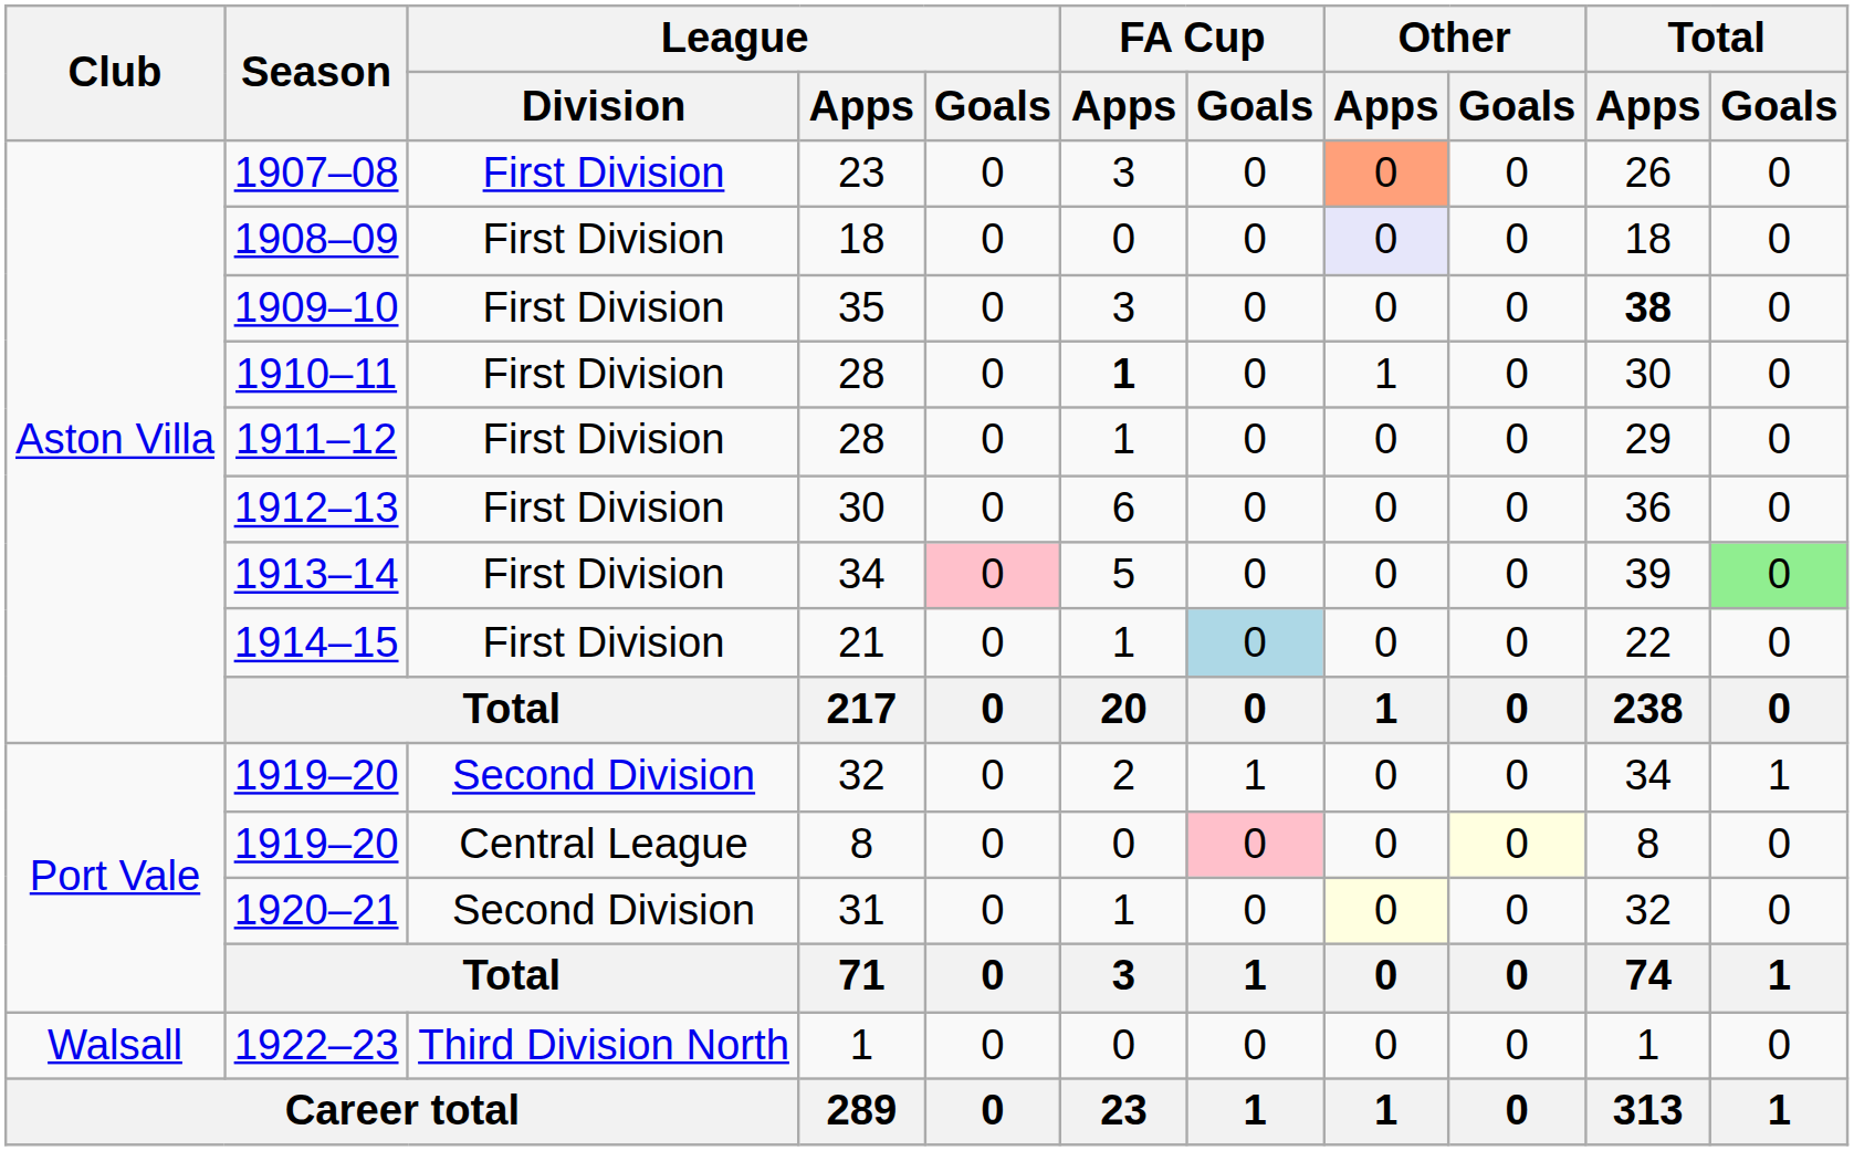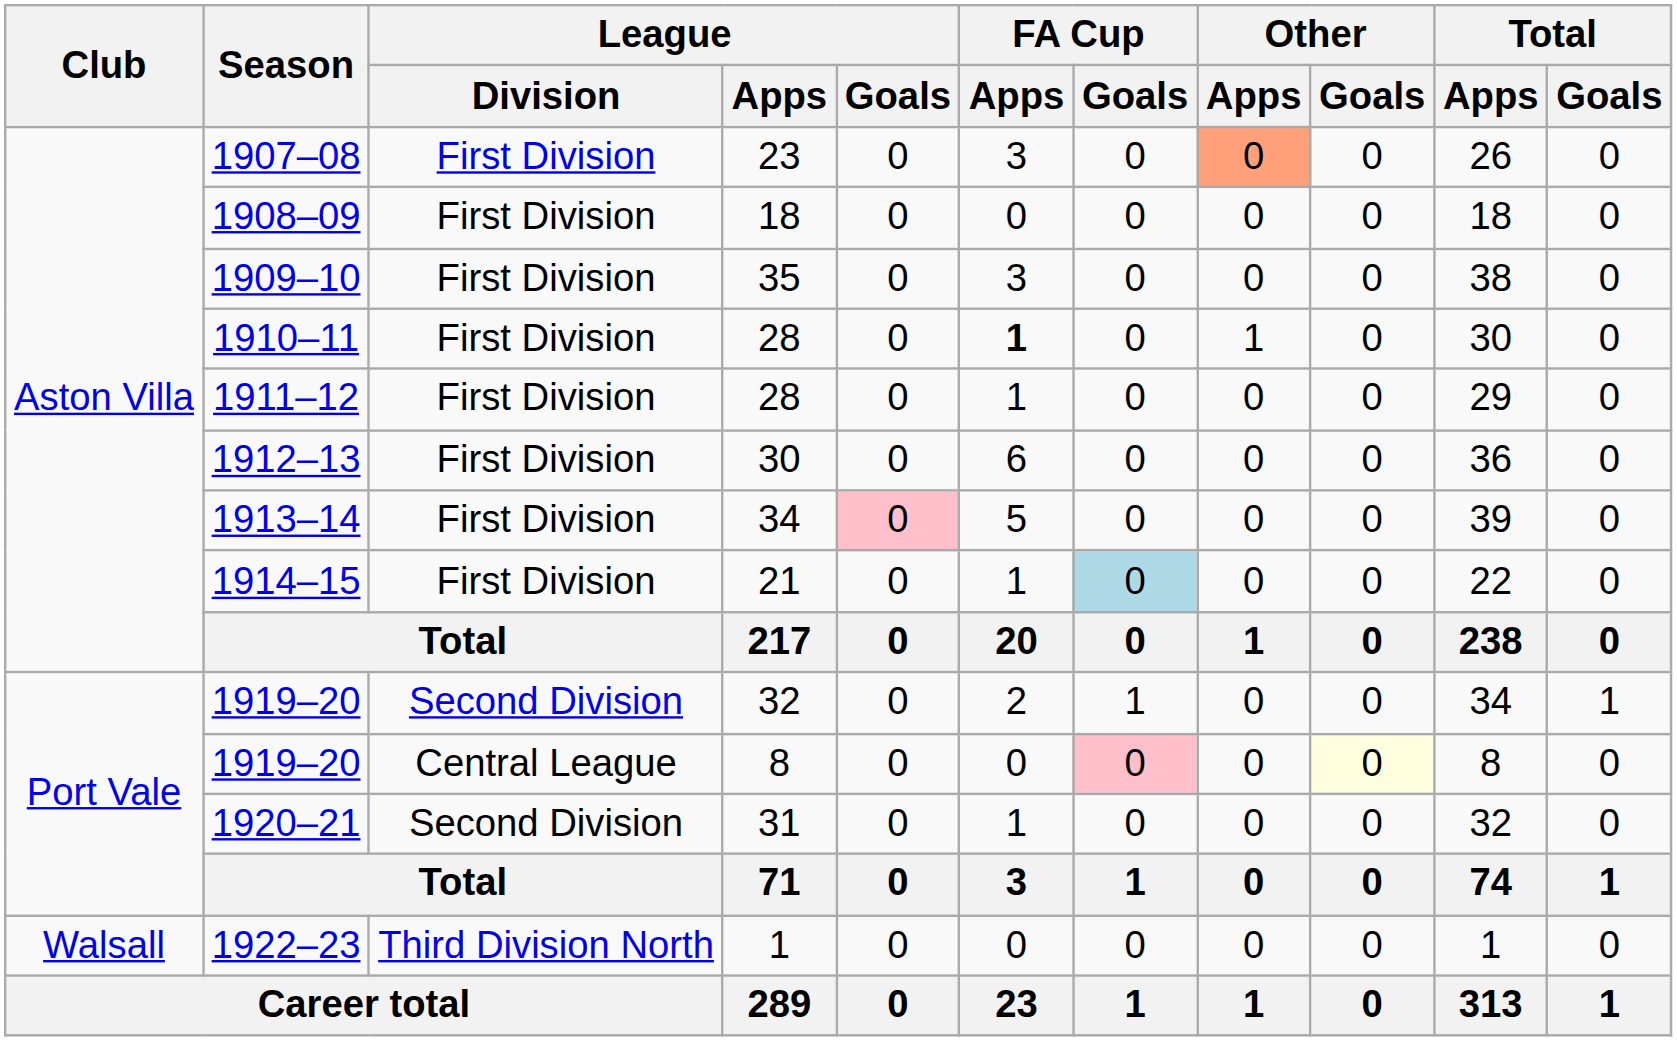 <table class="wikitable" style="text-align: center;">
 <tr>
 <th rowspan="2">Club</th>
 <th rowspan="2">Season</th>
 <th colspan="3">League</th>
 <th colspan="2">FA Cup</th>
 <th colspan="2">Other</th>
 <th colspan="2">Total</th>
 </tr>
 <tr>
 <th>Division</th>
 <th>Apps</th>
 <th>Goals</th>
 <th>Apps</th>
 <th>Goals</th>
 <th>Apps</th>
 <th>Goals</th>
 <th>Apps</th>
 <th>Goals</th>
 </tr>
 <tr>
 <td rowspan="9"><a href='#'>Aston Villa</a></td>
 <td><a href='#'>1907–08</a></td>
 <td><a href='#'>First Division</a></td>
 <td>23</td>
 <td>0</td>
 <td>3</td>
 <td>0</td>
 <td style="background: lightsalmon;">0</td>
 <td>0</td>
 <td>26</td>
 <td>0</td>
 </tr>
 <tr>
 <td><a href='#'>1908–09</a></td>
 <td>First Division</td>
 <td>18</td>
 <td>0</td>
 <td>0</td>
 <td>0</td>
-<td style="background: lavender;">0</td>
+<td>0</td>
 <td>0</td>
 <td>18</td>
 <td>0</td>
 </tr>
 <tr>
 <td><a href='#'>1909–10</a></td>
 <td>First Division</td>
 <td>35</td>
 <td>0</td>
 <td>3</td>
 <td>0</td>
 <td>0</td>
 <td>0</td>
-<td><strong>38</strong></td>
+<td>38</td>
 <td>0</td>
 </tr>
 <tr>
 <td><a href='#'>1910–11</a></td>
 <td>First Division</td>
 <td>28</td>
 <td>0</td>
 <td><strong>1</strong></td>
 <td>0</td>
 <td>1</td>
 <td>0</td>
 <td>30</td>
 <td>0</td>
 </tr>
 <tr>
 <td><a href='#'>1911–12</a></td>
 <td>First Division</td>
 <td>28</td>
 <td>0</td>
 <td>1</td>
 <td>0</td>
 <td>0</td>
 <td>0</td>
 <td>29</td>
 <td>0</td>
 </tr>
 <tr>
 <td><a href='#'>1912–13</a></td>
 <td>First Division</td>
 <td>30</td>
 <td>0</td>
 <td>6</td>
 <td>0</td>
 <td>0</td>
 <td>0</td>
 <td>36</td>
 <td>0</td>
 </tr>
 <tr>
 <td><a href='#'>1913–14</a></td>
 <td>First Division</td>
 <td>34</td>
 <td style="background: pink;">0</td>
 <td>5</td>
 <td>0</td>
 <td>0</td>
 <td>0</td>
 <td>39</td>
-<td style="background: lightgreen;">0</td>
+<td>0</td>
 </tr>
 <tr>
 <td><a href='#'>1914–15</a></td>
 <td>First Division</td>
 <td>21</td>
 <td>0</td>
 <td>1</td>
 <td style="background: lightblue;">0</td>
 <td>0</td>
 <td>0</td>
 <td>22</td>
 <td>0</td>
 </tr>
 <tr>
 <th colspan="2">Total</th>
 <th>217</th>
 <th>0</th>
 <th>20</th>
 <th>0</th>
 <th>1</th>
 <th>0</th>
 <th>238</th>
 <th>0</th>
 </tr>
 <tr>
 <td rowspan="4"><a href='#'>Port Vale</a></td>
 <td><a href='#'>1919–20</a></td>
 <td><a href='#'>Second Division</a></td>
 <td>32</td>
 <td>0</td>
 <td>2</td>
 <td>1</td>
 <td>0</td>
 <td>0</td>
 <td>34</td>
 <td>1</td>
 </tr>
 <tr>
 <td><a href='#'>1919–20</a></td>
 <td>Central League</td>
 <td>8</td>
 <td>0</td>
 <td>0</td>
 <td style="background: pink;">0</td>
 <td>0</td>
 <td style="background: lightyellow;">0</td>
 <td>8</td>
 <td>0</td>
 </tr>
 <tr>
 <td><a href='#'>1920–21</a></td>
 <td>Second Division</td>
 <td>31</td>
 <td>0</td>
 <td>1</td>
 <td>0</td>
-<td style="background: lightyellow;">0</td>
+<td>0</td>
 <td>0</td>
 <td>32</td>
 <td>0</td>
 </tr>
 <tr>
 <th colspan="2">Total</th>
 <th>71</th>
 <th>0</th>
 <th>3</th>
 <th>1</th>
 <th>0</th>
 <th>0</th>
 <th>74</th>
 <th>1</th>
 </tr>
 <tr>
 <td><a href='#'>Walsall</a></td>
 <td><a href='#'>1922–23</a></td>
 <td><a href='#'>Third Division North</a></td>
 <td>1</td>
 <td>0</td>
 <td>0</td>
 <td>0</td>
 <td>0</td>
 <td>0</td>
 <td>1</td>
 <td>0</td>
 </tr>
 <tr>
 <th colspan="3">Career total</th>
 <th>289</th>
 <th>0</th>
 <th>23</th>
 <th>1</th>
 <th>1</th>
 <th>0</th>
 <th>313</th>
 <th>1</th>
 </tr>
 </table>
